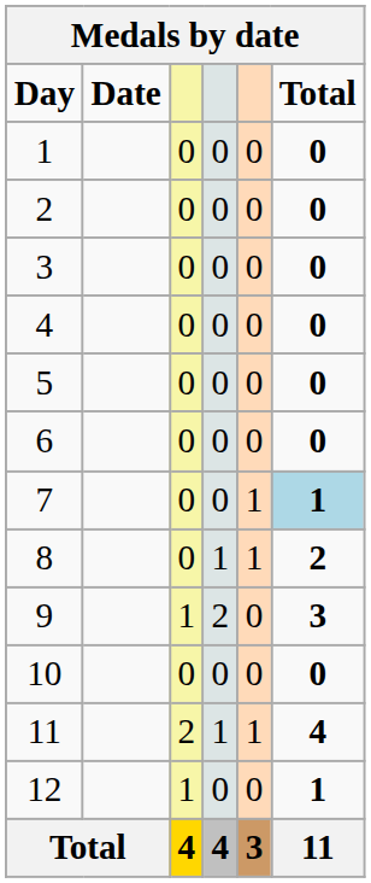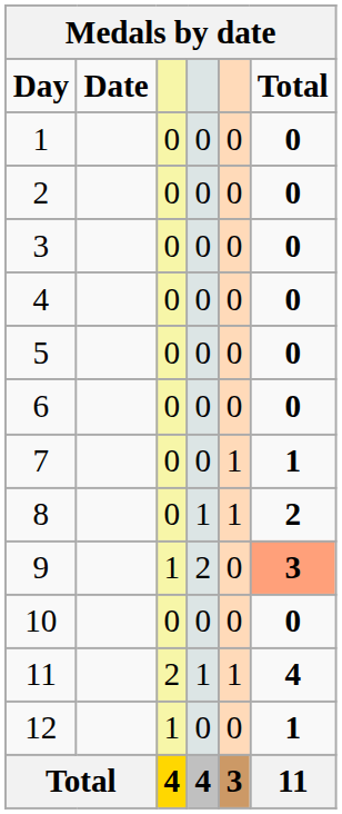 <table class="wikitable" style="font-size:95%">
 <tr style="background:#efefef;">
 <th colspan=6>Medals by date</th>
 </tr>
 <tr style="text-align:center;">
 <td><strong>Day</strong></td>
 <td><strong>Date</strong></td>
 <td style="background:#F7F6A8;"></td>
 <td style="background:#DCE5E5;"></td>
 <td style="background:#FFDAB9;"></td>
 <td><strong>Total</strong></td>
 </tr>
 <tr style="text-align:center;">
 <td>1</td>
 <td></td>
 <td style="background:#F7F6A8;">0</td>
 <td style="background:#DCE5E5;">0</td>
 <td style="background:#FFDAB9;">0</td>
 <td><strong>0</strong></td>
 </tr>
 <tr style="text-align:center;">
 <td>2</td>
 <td></td>
 <td style="background:#F7F6A8;">0</td>
 <td style="background:#DCE5E5;">0</td>
 <td style="background:#FFDAB9;">0</td>
 <td><strong>0</strong></td>
 </tr>
 <tr style="text-align:center;">
 <td>3</td>
 <td></td>
 <td style="background:#F7F6A8;">0</td>
 <td style="background:#DCE5E5;">0</td>
 <td style="background:#FFDAB9;">0</td>
 <td><strong>0</strong></td>
 </tr>
 <tr style="text-align:center;">
 <td>4</td>
 <td></td>
 <td style="background:#F7F6A8;">0</td>
 <td style="background:#DCE5E5;">0</td>
 <td style="background:#FFDAB9;">0</td>
 <td><strong>0</strong></td>
 </tr>
 <tr style="text-align:center;">
 <td>5</td>
 <td></td>
 <td style="background:#F7F6A8;">0</td>
 <td style="background:#DCE5E5;">0</td>
 <td style="background:#FFDAB9;">0</td>
 <td><strong>0</strong></td>
 </tr>
 <tr style="text-align:center;">
 <td>6</td>
 <td></td>
 <td style="background:#F7F6A8;">0</td>
 <td style="background:#DCE5E5;">0</td>
 <td style="background:#FFDAB9;">0</td>
 <td><strong>0</strong></td>
 </tr>
 <tr style="text-align:center;">
 <td>7</td>
 <td></td>
 <td style="background:#F7F6A8;">0</td>
 <td style="background:#DCE5E5;">0</td>
 <td style="background:#FFDAB9;">1</td>
-<td style="background: lightblue;"><strong>1</strong></td>
+<td><strong>1</strong></td>
 </tr>
 <tr style="text-align:center;">
 <td>8</td>
 <td></td>
 <td style="background:#F7F6A8;">0</td>
 <td style="background:#DCE5E5;">1</td>
 <td style="background:#FFDAB9;">1</td>
 <td><strong>2</strong></td>
 </tr>
 <tr style="text-align:center;">
 <td>9</td>
 <td></td>
 <td style="background:#F7F6A8;">1</td>
 <td style="background:#DCE5E5;">2</td>
 <td style="background:#FFDAB9;">0</td>
-<td><strong>3</strong></td>
+<td style="background: lightsalmon;"><strong>3</strong></td>
 </tr>
 <tr style="text-align:center;">
 <td>10</td>
 <td></td>
 <td style="background:#F7F6A8;">0</td>
 <td style="background:#DCE5E5;">0</td>
 <td style="background:#FFDAB9;">0</td>
 <td><strong>0</strong></td>
 </tr>
 <tr style="text-align:center;">
 <td>11</td>
 <td></td>
 <td style="background:#F7F6A8;">2</td>
 <td style="background:#DCE5E5;">1</td>
 <td style="background:#FFDAB9;">1</td>
 <td><strong>4</strong></td>
 </tr>
 <tr style="text-align:center;">
 <td>12</td>
 <td></td>
 <td style="background:#F7F6A8;">1</td>
 <td style="background:#DCE5E5;">0</td>
 <td style="background:#FFDAB9;">0</td>
 <td><strong>1</strong></td>
 </tr>
 <tr>
 <th colspan="2">Total</th>
 <th style="background:gold;">4</th>
 <th style="background:silver;">4</th>
 <th style="background:#c96;">3</th>
 <th>11</th>
 </tr>
 </table>
